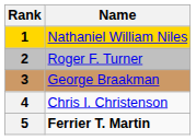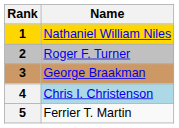 <table class="wikitable">
 <tr>
 <th>Rank</th>
 <th>Name</th>
 </tr>
 <tr bgcolor="gold">
 <td align="center"><strong>1</strong></td>
 <td><a href='#'>Nathaniel William Niles</a></td>
 </tr>
 <tr bgcolor="silver">
 <td align="center"><strong>2</strong></td>
 <td><a href='#'>Roger F. Turner</a></td>
 </tr>
 <tr bgcolor="cc9966">
 <td align="center"><strong>3</strong></td>
 <td><a href='#'>George Braakman</a></td>
 </tr>
 <tr>
 <th>4</th>
-<td><a href='#'>Chris I. Christenson</a></td>
+<td style="background: lightblue;"><a href='#'>Chris I. Christenson</a></td>
 </tr>
 <tr>
 <th>5</th>
-<td><strong>Ferrier T. Martin</strong></td>
+<td>Ferrier T. Martin</td>
 </tr>
 </table>
